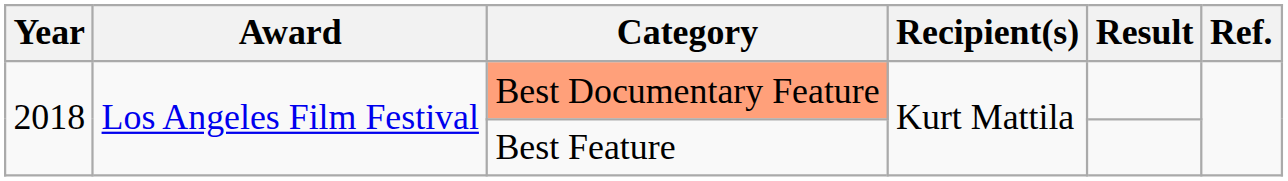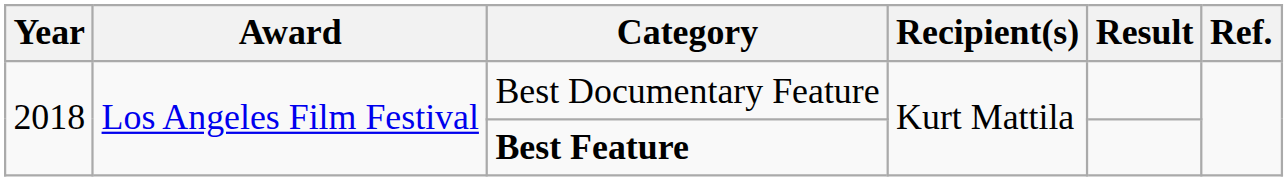 <table class="wikitable">
 <tr>
 <th>Year</th>
 <th>Award</th>
 <th>Category</th>
 <th>Recipient(s)</th>
 <th>Result</th>
 <th>Ref.</th>
 </tr>
 <tr>
 <td rowspan="2">2018</td>
 <td rowspan="2"><a href='#'>Los Angeles Film Festival</a></td>
-<td style="background: lightsalmon;">Best Documentary Feature</td>
+<td>Best Documentary Feature</td>
 <td rowspan="2">Kurt Mattila</td>
 <td></td>
 <td rowspan="2" style="text-align:center;"></td>
 </tr>
 <tr>
-<td>Best Feature</td>
+<td><strong>Best Feature</strong></td>
 <td></td>
 </tr>
 </table>
